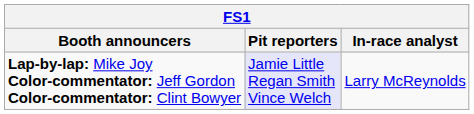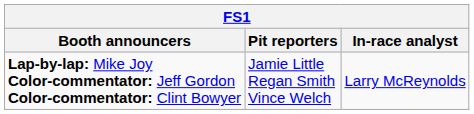 <table class="wikitable" style="font-size: 95%;">
 <tr>
 <th colspan="3"><a href='#'>FS1</a></th>
 </tr>
 <tr>
 <th>Booth announcers</th>
 <th>Pit reporters</th>
 <th>In-race analyst</th>
 </tr>
 <tr>
 <td><strong>Lap-by-lap:</strong> <a href='#'>Mike Joy</a><br><strong>Color-commentator:</strong> <a href='#'>Jeff Gordon</a><br><strong>Color-commentator:</strong> <a href='#'>Clint Bowyer</a></td>
-<td style="background: lavender;"><a href='#'>Jamie Little</a><br><a href='#'>Regan Smith</a><br><a href='#'>Vince Welch</a></td>
+<td><a href='#'>Jamie Little</a><br><a href='#'>Regan Smith</a><br><a href='#'>Vince Welch</a></td>
 <td><a href='#'>Larry McReynolds</a></td>
 </tr>
 </table>
